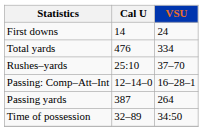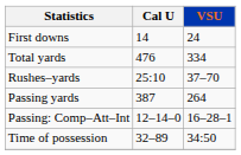 <table class="wikitable" style="float: left;">
 <tr>
 <th>Statistics</th>
 <th>Cal U</th>
 <th style="background:#0035ae; color:#ea6d26">VSU</th>
 </tr>
 <tr>
 <td>First downs</td>
 <td>14</td>
 <td>24</td>
 </tr>
 <tr>
 <td>Total yards</td>
 <td>476</td>
 <td>334</td>
 </tr>
 <tr>
 <td>Rushes–yards</td>
 <td>25:10</td>
 <td>37–70</td>
 </tr>
 <tr>
+<td>Passing yards</td>
+<td>387</td>
+<td>264</td>
+</tr>
+<tr>
 <td>Passing: Comp–Att–Int</td>
 <td>12–14–0</td>
 <td>16–28–1</td>
-</tr>
-<tr>
-<td>Passing yards</td>
-<td>387</td>
-<td>264</td>
 </tr>
 <tr>
 <td>Time of possession</td>
 <td>32–89</td>
 <td>34:50</td>
 </tr>
 <tr>
 </tr>
 </table>
